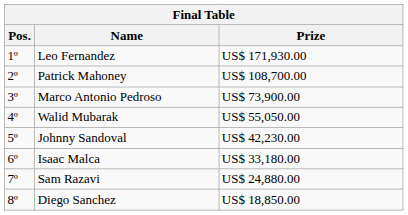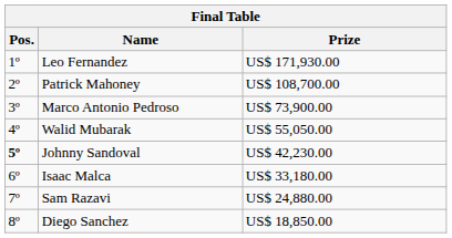 <table class="wikitable">
 <tr>
 <th colspan="3">Final Table</th>
 </tr>
 <tr>
 <th width="30">Pos.</th>
 <th width="220">Name</th>
 <th width="220">Prize</th>
 </tr>
 <tr>
 <td>1º</td>
 <td> Leo Fernandez</td>
 <td>US$ 171,930.00</td>
 </tr>
 <tr>
 <td>2º</td>
 <td> Patrick Mahoney</td>
 <td>US$ 108,700.00</td>
 </tr>
 <tr>
 <td>3º</td>
 <td> Marco Antonio Pedroso</td>
 <td>US$ 73,900.00</td>
 </tr>
 <tr>
 <td>4º</td>
 <td> Walid Mubarak</td>
 <td>US$ 55,050.00</td>
 </tr>
 <tr>
-<td>5º</td>
+<td><strong>5º</strong></td>
 <td> Johnny Sandoval</td>
 <td>US$ 42,230.00</td>
 </tr>
 <tr>
 <td>6º</td>
 <td> Isaac Malca</td>
 <td>US$ 33,180.00</td>
 </tr>
 <tr>
 <td>7º</td>
 <td> Sam Razavi</td>
 <td>US$ 24,880.00</td>
 </tr>
 <tr>
 <td>8º</td>
 <td> Diego Sanchez</td>
 <td>US$ 18,850.00</td>
 </tr>
 </table>
